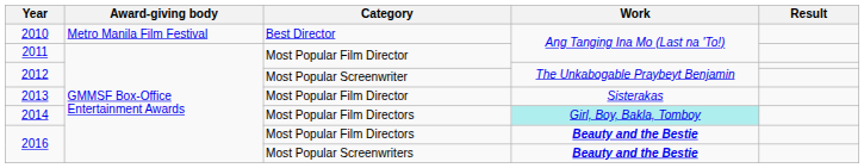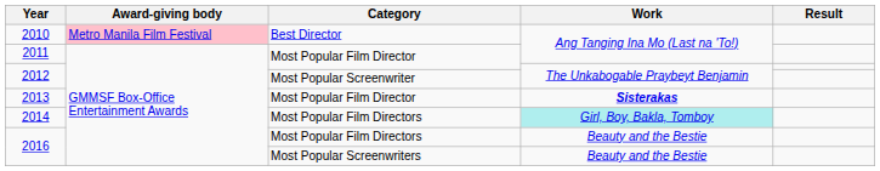 <table | width="90%" class="wikitable sortable">
 <tr>
 <th width="6%">Year</th>
 <th width="20%">Award-giving body</th>
 <th width="25%">Category</th>
 <th width="25%">Work</th>
 <th width="10%">Result</th>
 </tr>
 <tr>
 <td rowspan="1" align="center"><a href='#'>2010</a></td>
-<td rowspan="1" align="left"><a href='#'>Metro Manila Film Festival</a></td>
+<td rowspan="1" align="left" style="background: pink;"><a href='#'>Metro Manila Film Festival</a></td>
 <td align="left"><a href='#'>Best Director</a></td>
 <td align=center rowspan="2"><em><a href='#'>Ang Tanging Ina Mo (Last na 'To!)</a></em></td>
 <td></td>
 </tr>
 <tr>
 <td align=center rowspan=1><a href='#'>2011</a></td>
 <td rowspan=7><a href='#'>GMMSF Box-Office<br>Entertainment Awards</a></td>
 <td rowspan=2>Most Popular Film Director</td>
 <td></td>
 </tr>
 <tr>
 <td align=center rowspan=2><a href='#'>2012</a></td>
 <td rowspan=2 align=center><em><a href='#'>The Unkabogable Praybeyt Benjamin</a></em></td>
 <td></td>
 </tr>
 <tr>
 <td>Most Popular Screenwriter<br></td>
 <td></td>
 </tr>
 <tr>
 <td align=center><a href='#'>2013</a></td>
 <td>Most Popular Film Director</td>
-<td align=center><em><a href='#'>Sisterakas</a></em></td>
+<td align=center><strong><em><a href='#'>Sisterakas</a></em></strong></td>
 <td></td>
 </tr>
 <tr>
 <td align=center><a href='#'>2014</a></td>
 <td>Most Popular Film Directors<br></td>
 <td align=center style="background: paleturquoise;"><em><a href='#'>Girl, Boy, Bakla, Tomboy</a></em></td>
 <td></td>
 </tr>
 <tr>
 <td align=center rowspan=2><a href='#'>2016</a></td>
 <td>Most Popular Film Directors<br></td>
-<td align=center><strong><em><a href='#'>Beauty and the Bestie</a></em></strong></td>
+<td align=center><em><a href='#'>Beauty and the Bestie</a></em></td>
 <td></td>
 </tr>
 <tr>
 <td>Most Popular Screenwriters<br></td>
-<td align=center><strong><em><a href='#'>Beauty and the Bestie</a></em></strong></td>
+<td align=center><em><a href='#'>Beauty and the Bestie</a></em></td>
 <td></td>
 </tr>
 </table>
